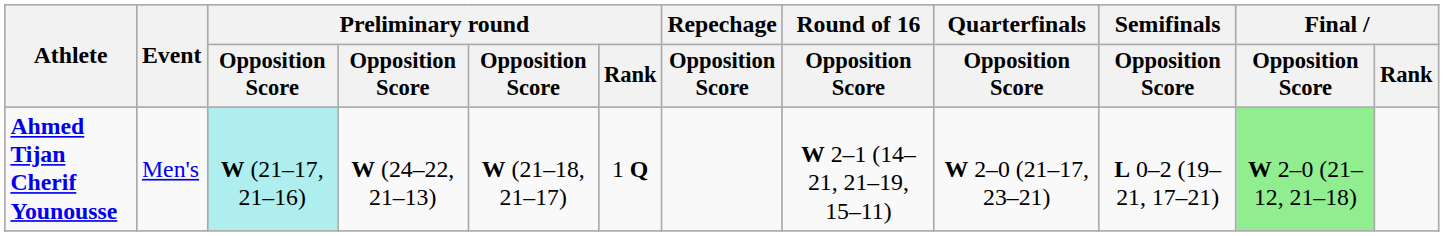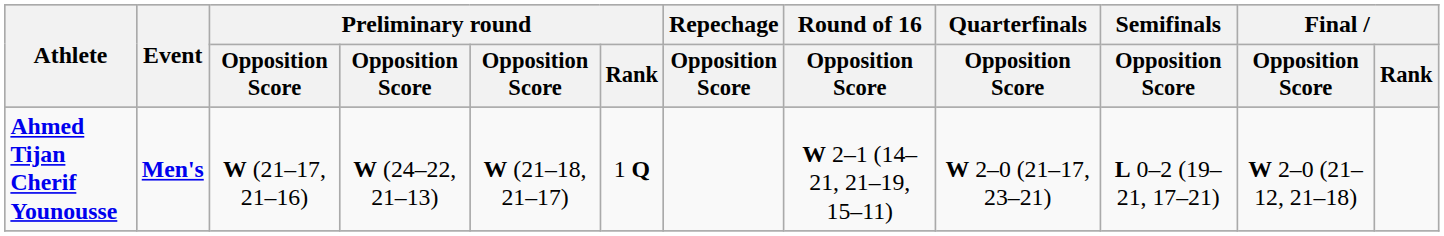 <table class=wikitable style="font-size:90%">
 <tr>
 <th rowspan=2>Athlete</th>
 <th rowspan=2>Event</th>
 <th colspan=4>Preliminary round</th>
 <th>Repechage</th>
 <th>Round of 16</th>
 <th>Quarterfinals</th>
 <th>Semifinals</th>
 <th colspan=2>Final / </th>
 </tr>
 <tr style=font-size:95%>
 <th>Opposition<br>Score</th>
 <th>Opposition<br>Score</th>
 <th>Opposition<br>Score</th>
 <th>Rank</th>
 <th>Opposition<br>Score</th>
 <th>Opposition<br>Score</th>
 <th>Opposition<br>Score</th>
 <th>Opposition<br>Score</th>
 <th>Opposition<br>Score</th>
 <th>Rank</th>
 </tr>
 <tr align=center>
 <td align=left><strong><a href='#'>Ahmed Tijan</a><br><a href='#'>Cherif Younousse</a></strong></td>
-<td align=left><a href='#'>Men's</a></td>
-<td style="background: paleturquoise;"><br><strong>W</strong> (21–17, 21–16)</td>
+<td align=left><strong><a href='#'>Men's</a></strong></td>
+<td><br><strong>W</strong> (21–17, 21–16)</td>
 <td><br><strong>W</strong> (24–22, 21–13)</td>
 <td><br><strong>W</strong> (21–18, 21–17)</td>
 <td>1 <strong>Q</strong></td>
 <td></td>
 <td><br><strong>W</strong> 2–1 (14–21, 21–19, 15–11)</td>
 <td><br><strong>W</strong> 2–0 (21–17, 23–21)</td>
 <td><br><strong>L</strong> 0–2 (19–21, 17–21)</td>
-<td style="background: lightgreen;"><br><strong>W</strong> 2–0 (21–12, 21–18)</td>
+<td><br><strong>W</strong> 2–0 (21–12, 21–18)</td>
 <td></td>
 </tr>
 </table>
